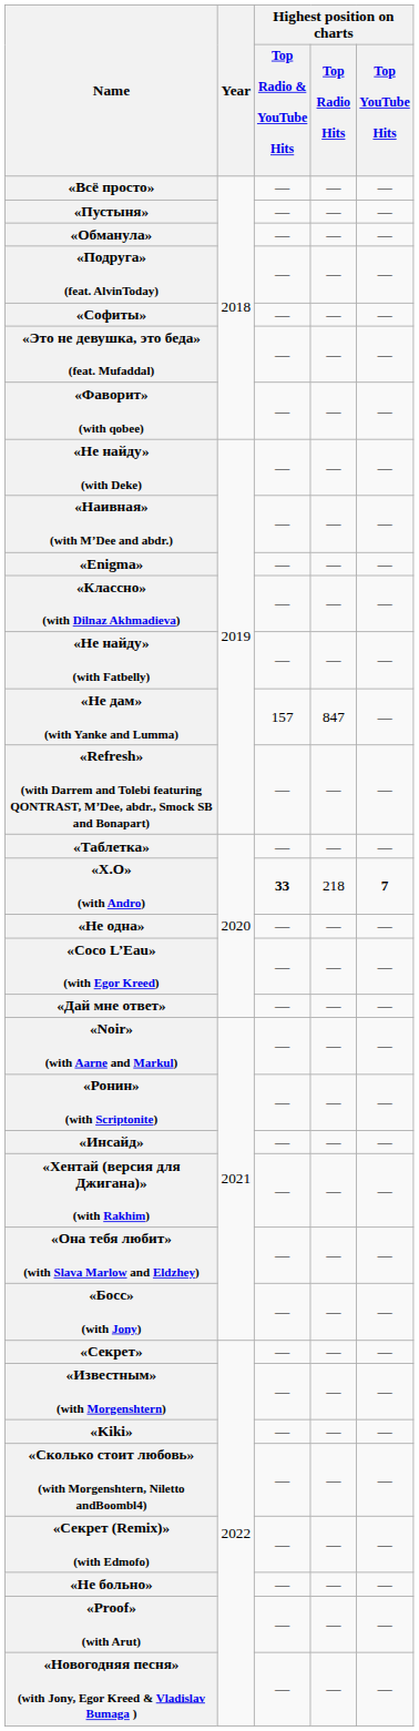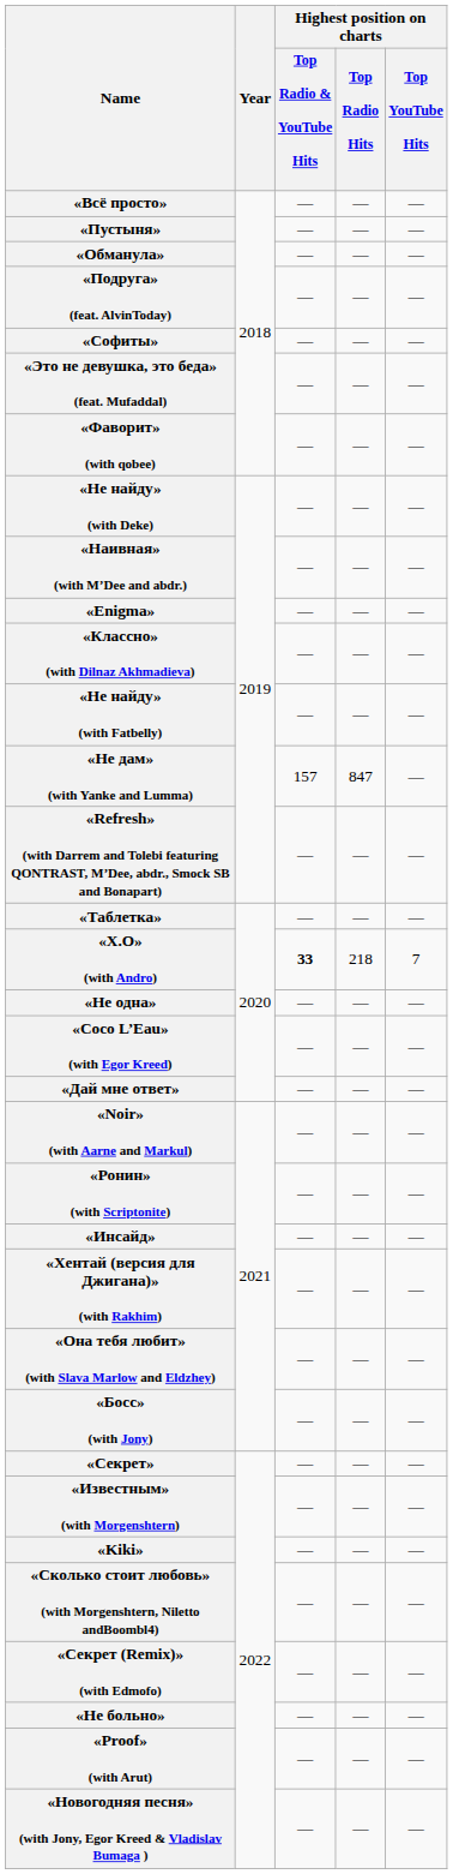 <table class="wikitable plainrowheaders" style="text-align:center;">
 <tr>
 <th rowspan="2" scope="col" style="width:14em;">Name</th>
 <th rowspan="2" scope="col" style="width:1em;">Year</th>
 <th colspan="3" scope="col">Highest position on charts</th>
 </tr>
 <tr>
 <th scope="col" style="width:3em;font-size:90%;"><a href='#'>Top<br><br>Radio &<br><br>YouTube<br><br>Hits</a><br><br></th>
 <th scope="col" style="width:3em;font-size:90%;"><a href='#'>Top<br><br>Radio<br><br>Hits</a><br><br></th>
 <th scope="col" style="width:3em;font-size:90%;"><a href='#'>Top<br><br>YouTube<br><br>Hits</a><br><br></th>
 </tr>
 <tr>
 <th scope="row">«Всё просто»</th>
 <td rowspan="7">2018</td>
 <td>—</td>
 <td>—</td>
 <td>—</td>
 </tr>
 <tr>
 <th scope="row">«Пустыня»</th>
 <td>—</td>
 <td>—</td>
 <td>—</td>
 </tr>
 <tr>
 <th scope="row">«Обманула»</th>
 <td>—</td>
 <td>—</td>
 <td>—</td>
 </tr>
 <tr>
 <th scope="row">«Подруга»<br><br><small>(feat. </small><small>AlvinToday)</small></th>
 <td>—</td>
 <td>—</td>
 <td>—</td>
 </tr>
 <tr>
 <th scope="row">«Софиты»</th>
 <td>—</td>
 <td>—</td>
 <td>—</td>
 </tr>
 <tr>
 <th scope="row">«Это не девушка, это беда»<br><br><small>(feat. </small><small>Mufaddal)</small></th>
 <td>—</td>
 <td>—</td>
 <td>—</td>
 </tr>
 <tr>
 <th scope="row">«Фаворит»<br><br><small>(with qobee)</small></th>
 <td>—</td>
 <td>—</td>
 <td>—</td>
 </tr>
 <tr>
 <th scope="row">«Не найду»<br><br><small>(with Deke)</small></th>
 <td rowspan="7">2019</td>
 <td>—</td>
 <td>—</td>
 <td>—</td>
 </tr>
 <tr>
 <th scope="row">«Наивная»<br><br><small>(with M’Dee and abdr.</small><small>)</small></th>
 <td>—</td>
 <td>—</td>
 <td>—</td>
 </tr>
 <tr>
 <th scope="row">«Enigma»</th>
 <td>—</td>
 <td>—</td>
 <td>—</td>
 </tr>
 <tr>
 <th scope="row">«Классно»<br><br><small>(with <a href='#'>Dilnaz Akhmadieva</a>)</small></th>
 <td>—</td>
 <td>—</td>
 <td>—</td>
 </tr>
 <tr>
 <th scope="row">«Не найду»<br><br><small>(with Fatbelly)</small></th>
 <td>—</td>
 <td>—</td>
 <td>—</td>
 </tr>
 <tr>
 <th scope="row">«Не дам»<br><br><small>(with Yanke and Lumma)</small></th>
 <td>157</td>
 <td>847</td>
 <td>—</td>
 </tr>
 <tr>
 <th scope="row">«Refresh»<br><br><small>(with Darrem and Tolebi featuring QONTRAST, M’Dee, abdr., Smock SB and Bonapart)</small></th>
 <td>—</td>
 <td>—</td>
 <td>—</td>
 </tr>
 <tr>
 <th scope="row">«Таблетка»</th>
 <td rowspan="5">2020</td>
 <td>—</td>
 <td>—</td>
 <td>—</td>
 </tr>
 <tr>
 <th scope="row">«X.O»<br><br><small>(with <a href='#'>Andro</a>)</small></th>
 <td><strong>33</strong></td>
 <td>218</td>
-<td><strong>7</strong></td>
+<td>7</td>
 </tr>
 <tr>
 <th scope="row">«Не одна»</th>
 <td>—</td>
 <td>—</td>
 <td>—</td>
 </tr>
 <tr>
 <th scope="row">«Coco L’Eau»<br><br><small>(with <a href='#'>Egor Kreed</a>)</small></th>
 <td>—</td>
 <td>—</td>
 <td>—</td>
 </tr>
 <tr>
 <th scope="row">«Дай мне ответ»</th>
 <td>—</td>
 <td>—</td>
 <td>—</td>
 </tr>
 <tr>
 <th scope="row">«Noir»<br><br><small>(with <a href='#'>Aarne</a> and <a href='#'>Markul</a>)</small></th>
 <td rowspan="6">2021</td>
 <td>—</td>
 <td>—</td>
 <td>—</td>
 </tr>
 <tr>
 <th>«Ронин»<br><br><small>(with <a href='#'>Scriptonite</a>)</small></th>
 <td>—</td>
 <td>—</td>
 <td>—</td>
 </tr>
 <tr>
 <th>«Инсайд»</th>
 <td>—</td>
 <td>—</td>
 <td>—</td>
 </tr>
 <tr>
 <th>«Хентай (версия для Джигана)»<br><br><small>(with <a href='#'>Rakhim</a>)</small></th>
 <td>—</td>
 <td>—</td>
 <td>—</td>
 </tr>
 <tr>
 <th>«Она тебя любит»<br><br><small>(with <a href='#'>Slava Marlow</a> and <a href='#'>Eldzhey</a>)</small></th>
 <td>—</td>
 <td>—</td>
 <td>—</td>
 </tr>
 <tr>
 <th>«Босс»<br><br><small>(with <a href='#'>Jony</a>)</small></th>
 <td>—</td>
 <td>—</td>
 <td>—</td>
 </tr>
 <tr>
 <th>«Секрет»</th>
 <td rowspan="8">2022</td>
 <td>—</td>
 <td>—</td>
 <td>—</td>
 </tr>
 <tr>
 <th>«Известным»<br><br><small>(with <a href='#'>Мorgenshtern</a>)</small></th>
 <td>—</td>
 <td>—</td>
 <td>—</td>
 </tr>
 <tr>
 <th>«Kiki»</th>
 <td>—</td>
 <td>—</td>
 <td>—</td>
 </tr>
 <tr>
 <th>«Сколько стоит любовь»<br><br><small>(with Morgenshtern, Niletto andBoombl4)</small></th>
 <td>—</td>
 <td>—</td>
 <td>—</td>
 </tr>
 <tr>
 <th>«Секрет (Remix)»<br><br><small>(with Edmofo)</small></th>
 <td>—</td>
 <td>—</td>
 <td>—</td>
 </tr>
 <tr>
 <th>«Не больно»</th>
 <td>—</td>
 <td>—</td>
 <td>—</td>
 </tr>
 <tr>
 <th>«Proof»<br><br><small>(with Arut)</small></th>
 <td>—</td>
 <td>—</td>
 <td>—</td>
 </tr>
 <tr>
 <th>«Новогодняя песня»<br><br><small>(with Jony, Egor Kreed & <a href='#'>Vladislav Bumaga</a> )</small></th>
 <td>—</td>
 <td>—</td>
 <td>—</td>
 </tr>
 </table>
